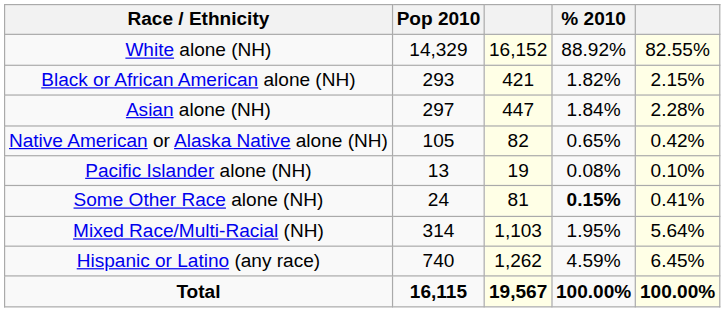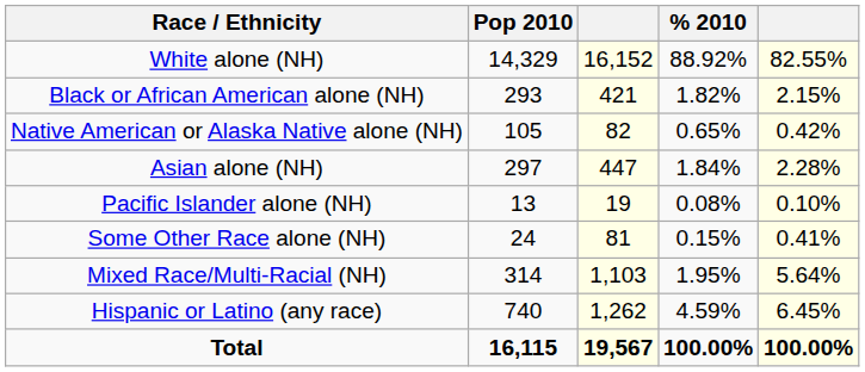 <table class="wikitable"  style="text-align:center;">
 <tr>
 <th>Race / Ethnicity</th>
 <th>Pop 2010</th>
 <th></th>
 <th>% 2010</th>
 <th></th>
 </tr>
 <tr>
 <td><a href='#'>White</a> alone (NH)</td>
 <td>14,329</td>
 <td style='background: #ffffe6;'>16,152</td>
 <td>88.92%</td>
 <td style='background: #ffffe6;'>82.55%</td>
 </tr>
 <tr>
 <td><a href='#'>Black or African American</a> alone (NH)</td>
 <td>293</td>
 <td style='background: #ffffe6;'>421</td>
 <td>1.82%</td>
 <td style='background: #ffffe6;'>2.15%</td>
 </tr>
 <tr>
+<td><a href='#'>Native American</a> or <a href='#'>Alaska Native</a> alone (NH)</td>
+<td>105</td>
+<td style='background: #ffffe6;'>82</td>
+<td>0.65%</td>
+<td style='background: #ffffe6;'>0.42%</td>
+</tr>
+<tr>
 <td><a href='#'>Asian</a> alone (NH)</td>
 <td>297</td>
 <td style='background: #ffffe6;'>447</td>
 <td>1.84%</td>
 <td style='background: #ffffe6;'>2.28%</td>
-</tr>
-<tr>
-<td><a href='#'>Native American</a> or <a href='#'>Alaska Native</a> alone (NH)</td>
-<td>105</td>
-<td style='background: #ffffe6;'>82</td>
-<td>0.65%</td>
-<td style='background: #ffffe6;'>0.42%</td>
 </tr>
 <tr>
 <td><a href='#'>Pacific Islander</a> alone (NH)</td>
 <td>13</td>
 <td style='background: #ffffe6;'>19</td>
 <td>0.08%</td>
 <td style='background: #ffffe6;'>0.10%</td>
 </tr>
 <tr>
 <td><a href='#'>Some Other Race</a> alone (NH)</td>
 <td>24</td>
 <td style='background: #ffffe6;'>81</td>
-<td><strong>0.15%</strong></td>
+<td>0.15%</td>
 <td style='background: #ffffe6;'>0.41%</td>
 </tr>
 <tr>
 <td><a href='#'>Mixed Race/Multi-Racial</a> (NH)</td>
 <td>314</td>
 <td style='background: #ffffe6;'>1,103</td>
 <td>1.95%</td>
 <td style='background: #ffffe6;'>5.64%</td>
 </tr>
 <tr>
 <td><a href='#'>Hispanic or Latino</a> (any race)</td>
 <td>740</td>
 <td style='background: #ffffe6;'>1,262</td>
 <td>4.59%</td>
 <td style='background: #ffffe6;'>6.45%</td>
 </tr>
 <tr>
 <td><strong>Total</strong></td>
 <td><strong>16,115</strong></td>
 <td style='background: #ffffe6;'><strong>19,567</strong></td>
 <td><strong>100.00%</strong></td>
 <td style='background: #ffffe6;'><strong>100.00%</strong></td>
 </tr>
 </table>
